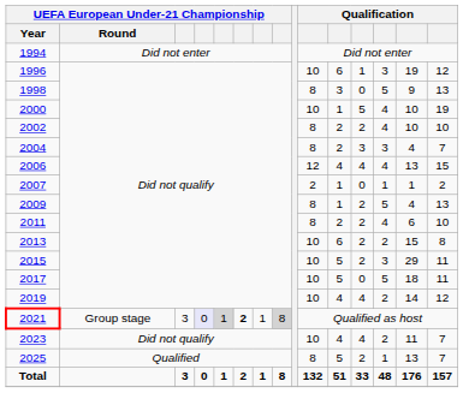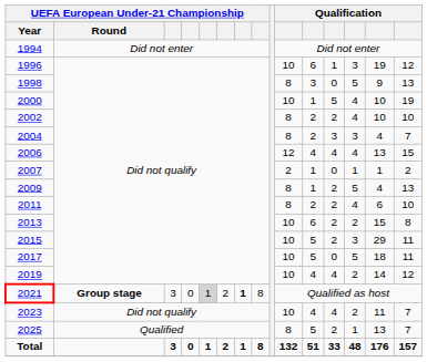 <table class="wikitable" style="text-align: center;">
 <tr>
 <th colspan=8><a href='#'>UEFA European Under-21 Championship</a></th>
 <th width=1% rowspan=20></th>
 <th colspan=6>Qualification</th>
 </tr>
 <tr>
 <th>Year</th>
 <th>Round</th>
 <th></th>
 <th></th>
 <th></th>
 <th></th>
 <th></th>
 <th></th>
 <th></th>
 <th></th>
 <th></th>
 <th></th>
 <th></th>
 <th></th>
 </tr>
 <tr>
 <td> <a href='#'>1994</a></td>
 <td colspan="7"><em>Did not enter</em></td>
 <td colspan="6"><em>Did not enter</em></td>
 </tr>
 <tr>
 <td> <a href='#'>1996</a></td>
 <td rowspan="13" colspan="7"><em>Did not qualify</em></td>
 <td>10</td>
 <td>6</td>
 <td>1</td>
 <td>3</td>
 <td>19</td>
 <td>12</td>
 </tr>
 <tr>
 <td> <a href='#'>1998</a></td>
 <td>8</td>
 <td>3</td>
 <td>0</td>
 <td>5</td>
 <td>9</td>
 <td>13</td>
 </tr>
 <tr>
 <td> <a href='#'>2000</a></td>
 <td>10</td>
 <td>1</td>
 <td>5</td>
 <td>4</td>
 <td>10</td>
 <td>19</td>
 </tr>
 <tr>
 <td> <a href='#'>2002</a></td>
 <td>8</td>
 <td>2</td>
 <td>2</td>
 <td>4</td>
 <td>10</td>
 <td>10</td>
 </tr>
 <tr>
 <td> <a href='#'>2004</a></td>
 <td>8</td>
 <td>2</td>
 <td>3</td>
 <td>3</td>
 <td>4</td>
 <td>7</td>
 </tr>
 <tr>
 <td> <a href='#'>2006</a></td>
 <td>12</td>
 <td>4</td>
 <td>4</td>
 <td>4</td>
 <td>13</td>
 <td>15</td>
 </tr>
 <tr>
 <td> <a href='#'>2007</a></td>
 <td>2</td>
 <td>1</td>
 <td>0</td>
 <td>1</td>
 <td>1</td>
 <td>2</td>
 </tr>
 <tr>
 <td> <a href='#'>2009</a></td>
 <td>8</td>
 <td>1</td>
 <td>2</td>
 <td>5</td>
 <td>4</td>
 <td>13</td>
 </tr>
 <tr>
 <td> <a href='#'>2011</a></td>
 <td>8</td>
 <td>2</td>
 <td>2</td>
 <td>4</td>
 <td>6</td>
 <td>10</td>
 </tr>
 <tr>
 <td> <a href='#'>2013</a></td>
 <td>10</td>
 <td>6</td>
 <td>2</td>
 <td>2</td>
 <td>15</td>
 <td>8</td>
 </tr>
 <tr>
 <td> <a href='#'>2015</a></td>
 <td>10</td>
 <td>5</td>
 <td>2</td>
 <td>3</td>
 <td>29</td>
 <td>11</td>
 </tr>
 <tr>
 <td> <a href='#'>2017</a></td>
 <td>10</td>
 <td>5</td>
 <td>0</td>
 <td>5</td>
 <td>18</td>
 <td>11</td>
 </tr>
 <tr>
 <td> <a href='#'>2019</a></td>
 <td>10</td>
 <td>4</td>
 <td>4</td>
 <td>2</td>
 <td>14</td>
 <td>12</td>
 </tr>
 <tr>
 <td style="border: 3px solid red"> <a href='#'>2021</a></td>
-<td>Group stage</td>
+<td><strong>Group stage</strong></td>
 <td>3</td>
-<td style="background: lavender;">0</td>
+<td>0</td>
 <td style="background: lightgrey;">1</td>
-<td><strong>2</strong></td>
-<td>1</td>
-<td style="background: lightgrey;">8</td>
+<td>2</td>
+<td><strong>1</strong></td>
+<td>8</td>
 <td colspan="6"><em>Qualified as host</em></td>
 </tr>
 <tr>
 <td> <a href='#'>2023</a></td>
 <td colspan="7"><em>Did not qualify</em></td>
 <td>10</td>
 <td>4</td>
 <td>4</td>
 <td>2</td>
 <td>11</td>
 <td>7</td>
 </tr>
 <tr>
 <td> <a href='#'>2025</a></td>
 <td colspan="7"><em>Qualified</em></td>
 <td>8</td>
 <td>5</td>
 <td>2</td>
 <td>1</td>
 <td>13</td>
 <td>7</td>
 </tr>
 <tr>
 <td><strong>Total</strong></td>
 <td></td>
 <td><strong>3</strong></td>
 <td><strong>0</strong></td>
 <td><strong>1</strong></td>
 <td><strong>2</strong></td>
 <td><strong>1</strong></td>
 <td><strong>8</strong></td>
 <td><strong>132</strong></td>
 <td><strong>51</strong></td>
 <td><strong>33</strong></td>
 <td><strong>48</strong></td>
 <td><strong>176</strong></td>
 <td><strong>157</strong></td>
 </tr>
 <tr>
 </tr>
 </table>
